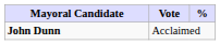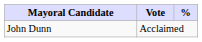 <table class="wikitable">
 <tr>
 <th style="background:#ddf; width:200px;">Mayoral Candidate</th>
 <th style="background:#ddf; width:50px;">Vote</th>
 <th style="background:#ddf; width:30px;">%</th>
 </tr>
 <tr>
-<td><strong>John Dunn</strong></td>
+<td>John Dunn</td>
 <td colspan="2">Acclaimed</td>
 </tr>
 </table>
